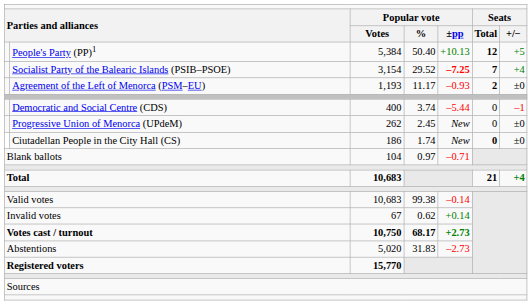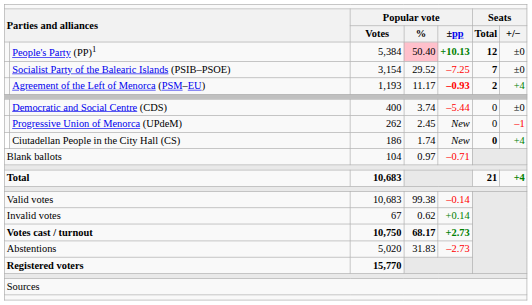 <table class="wikitable" style="text-align:right;">
 <tr>
 <td colspan="7"></td>
 </tr>
 <tr>
 <th style="text-align:left;" rowspan="2" colspan="2" width="525">Parties and alliances</th>
 <th colspan="3">Popular vote</th>
 <th colspan="2">Seats</th>
 </tr>
 <tr>
 <th width="75">Votes</th>
 <th width="45">%</th>
 <th width="45">±<a href='#'>pp</a></th>
 <th width="35">Total</th>
 <th width="35">+/−</th>
 </tr>
 <tr>
 <td width="1" style="color:inherit;background:"></td>
 <td align="left"><a href='#'>People's Party</a> (PP)<sup>1</sup></td>
 <td>5,384</td>
-<td>50.40</td>
-<td style="color:green;">+10.13</td>
+<td style="background: pink;">50.40</td>
+<td style="color:green;"><strong>+10.13</strong></td>
 <td><strong>12</strong></td>
-<td style="color:green;">+5</td>
+<td>±0</td>
 </tr>
 <tr>
 <td style="color:inherit;background:"></td>
 <td align="left"><a href='#'>Socialist Party of the Balearic Islands</a> (PSIB–PSOE)</td>
 <td>3,154</td>
 <td>29.52</td>
-<td style="color:red;"><strong>–7.25</strong></td>
+<td style="color:red;">–7.25</td>
 <td><strong>7</strong></td>
-<td style="color:green;">+4</td>
+<td>±0</td>
 </tr>
 <tr>
 <td style="color:inherit;background:"></td>
 <td align="left"><a href='#'>Agreement of the Left of Menorca</a> (<a href='#'>PSM</a>–<a href='#'>EU</a>)</td>
 <td>1,193</td>
 <td>11.17</td>
-<td style="color:red;">–0.93</td>
+<td style="color:red;"><strong>–0.93</strong></td>
 <td><strong>2</strong></td>
-<td>±0</td>
+<td style="color:green;">+4</td>
 </tr>
 <tr>
 <td colspan="7" bgcolor="#C0C0C0"></td>
 </tr>
 <tr>
 <td style="color:inherit;background:"></td>
 <td align="left"><a href='#'>Democratic and Social Centre</a> (CDS)</td>
 <td>400</td>
 <td>3.74</td>
 <td style="color:red;">–5.44</td>
 <td>0</td>
-<td style="color:red;">–1</td>
+<td>±0</td>
 </tr>
 <tr>
 <td style="color:inherit;background:"></td>
 <td align="left"><a href='#'>Progressive Union of Menorca</a> (UPdeM)</td>
 <td>262</td>
 <td>2.45</td>
 <td><em>New</em></td>
 <td>0</td>
-<td>±0</td>
+<td style="color:red;">–1</td>
 </tr>
 <tr>
 <td bgcolor="white"></td>
 <td align="left">Ciutadellan People in the City Hall (CS)</td>
 <td>186</td>
 <td>1.74</td>
 <td><em>New</em></td>
 <td><strong>0</strong></td>
-<td>±0</td>
+<td style="color:green;">+4</td>
 </tr>
 <tr>
 <td align="left" colspan="2">Blank ballots</td>
 <td>104</td>
 <td>0.97</td>
 <td style="color:red;">–0.71</td>
 <td bgcolor="#E9E9E9" colspan="2"></td>
 </tr>
 <tr>
 <td colspan="7" bgcolor="#E9E9E9"></td>
 </tr>
 <tr style="font-weight:bold;">
 <td align="left" colspan="2">Total</td>
 <td>10,683</td>
 <td bgcolor="#E9E9E9" colspan="2"></td>
 <td>21</td>
 <td style="color:green;">+4</td>
 </tr>
 <tr>
 <td colspan="7" bgcolor="#E9E9E9"></td>
 </tr>
 <tr>
 <td align="left" colspan="2">Valid votes</td>
 <td>10,683</td>
 <td>99.38</td>
 <td style="color:red;">–0.14</td>
 <td bgcolor="#E9E9E9" colspan="2" rowspan="5"></td>
 </tr>
 <tr>
 <td align="left" colspan="2">Invalid votes</td>
 <td>67</td>
 <td>0.62</td>
 <td style="color:green;">+0.14</td>
 </tr>
 <tr style="font-weight:bold;">
 <td align="left" colspan="2">Votes cast / turnout</td>
 <td>10,750</td>
 <td>68.17</td>
 <td style="color:green;">+2.73</td>
 </tr>
 <tr>
 <td align="left" colspan="2">Abstentions</td>
 <td>5,020</td>
 <td>31.83</td>
 <td style="color:red;">–2.73</td>
 </tr>
 <tr style="font-weight:bold;">
 <td align="left" colspan="2">Registered voters</td>
 <td>15,770</td>
 <td bgcolor="#E9E9E9" colspan="2"></td>
 </tr>
 <tr>
 <td colspan="7" bgcolor="#E9E9E9"></td>
 </tr>
 <tr>
 <td align="left" colspan="7">Sources</td>
 </tr>
 <tr>
 <td colspan="7" style="text-align:left; max-width:790px;"></td>
 </tr>
 </table>
